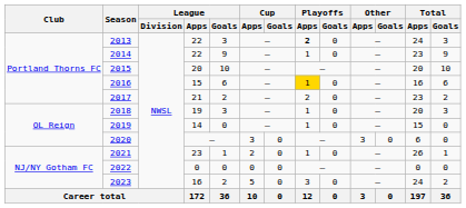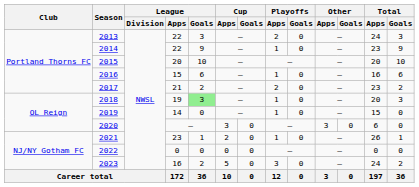 <table class="wikitable" style="text-align: center;">
 <tr>
 <th rowspan="2">Club</th>
 <th rowspan="2">Season</th>
 <th colspan="3">League</th>
 <th colspan="2">Cup</th>
 <th colspan="2">Playoffs</th>
 <th colspan="2">Other</th>
 <th colspan="2">Total</th>
 </tr>
 <tr>
 <th>Division</th>
 <th>Apps</th>
 <th>Goals</th>
 <th>Apps</th>
 <th>Goals</th>
 <th>Apps</th>
 <th>Goals</th>
 <th>Apps</th>
 <th>Goals</th>
 <th>Apps</th>
 <th>Goals</th>
 </tr>
 <tr>
 <td rowspan="5"><a href='#'>Portland Thorns FC</a></td>
 <td><a href='#'>2013</a></td>
 <td rowspan="11"><a href='#'>NWSL</a></td>
 <td>22</td>
 <td>3</td>
 <td colspan="2">—</td>
-<td><strong>2</strong></td>
+<td>2</td>
 <td>0</td>
 <td colspan="2">—</td>
 <td>24</td>
 <td>3</td>
 </tr>
 <tr>
 <td><a href='#'>2014</a></td>
 <td>22</td>
 <td>9</td>
 <td colspan="2">—</td>
 <td>1</td>
 <td>0</td>
 <td colspan="2">—</td>
 <td>23</td>
 <td>9</td>
 </tr>
 <tr>
 <td><a href='#'>2015</a></td>
 <td>20</td>
 <td>10</td>
 <td colspan="2">—</td>
 <td colspan="2">—</td>
 <td colspan="2">—</td>
 <td>20</td>
 <td>10</td>
 </tr>
 <tr>
 <td><a href='#'>2016</a></td>
 <td>15</td>
 <td>6</td>
 <td colspan="2">—</td>
-<td style="background: gold;">1</td>
+<td>1</td>
 <td>0</td>
 <td colspan="2">—</td>
 <td>16</td>
 <td>6</td>
 </tr>
 <tr>
 <td><a href='#'>2017</a></td>
 <td>21</td>
 <td>2</td>
 <td colspan="2">—</td>
 <td>2</td>
 <td>0</td>
 <td colspan="2">—</td>
 <td>23</td>
 <td>2</td>
 </tr>
 <tr>
 <td rowspan="3"><a href='#'>OL Reign</a></td>
 <td><a href='#'>2018</a></td>
 <td>19</td>
-<td>3</td>
+<td style="background: lightgreen;">3</td>
 <td colspan="2">—</td>
 <td>1</td>
 <td>0</td>
 <td colspan="2">—</td>
 <td>20</td>
 <td>3</td>
 </tr>
 <tr>
 <td><a href='#'>2019</a></td>
 <td>14</td>
 <td>0</td>
 <td colspan="2">—</td>
 <td>1</td>
 <td>0</td>
 <td colspan="2">—</td>
 <td>15</td>
 <td>0</td>
 </tr>
 <tr>
 <td><a href='#'>2020</a></td>
 <td colspan="2">—</td>
 <td>3</td>
 <td>0</td>
 <td colspan="2">—</td>
 <td>3</td>
 <td>0</td>
 <td>6</td>
 <td>0</td>
 </tr>
 <tr>
 <td rowspan="3"><a href='#'>NJ/NY Gotham FC</a></td>
 <td><a href='#'>2021</a></td>
 <td>23</td>
 <td>1</td>
 <td>2</td>
 <td>0</td>
 <td>1</td>
 <td>0</td>
 <td colspan="2">—</td>
 <td>26</td>
 <td>1</td>
 </tr>
 <tr>
 <td><a href='#'>2022</a></td>
 <td>0</td>
 <td>0</td>
 <td>0</td>
 <td>0</td>
 <td colspan="2">—</td>
 <td colspan="2">—</td>
 <td>0</td>
 <td>0</td>
 </tr>
 <tr>
 <td><a href='#'>2023</a></td>
 <td>16</td>
 <td>2</td>
 <td>5</td>
 <td>0</td>
 <td>3</td>
 <td>0</td>
 <td colspan="2">—</td>
 <td>24</td>
 <td>2</td>
 </tr>
 <tr>
 <th colspan="3">Career total</th>
 <th>172</th>
 <th>36</th>
 <th>10</th>
 <th>0</th>
 <th>12</th>
 <th>0</th>
 <th>3</th>
 <th>0</th>
 <th>197</th>
 <th>36</th>
 </tr>
 </table>
